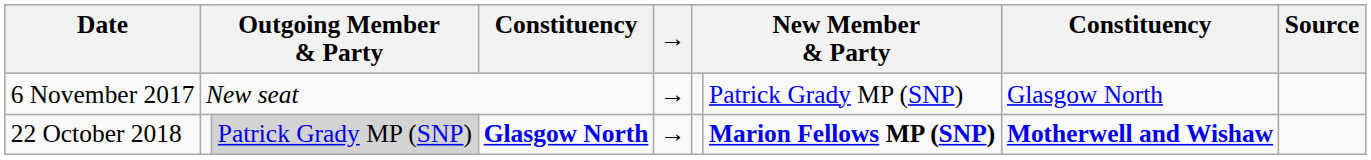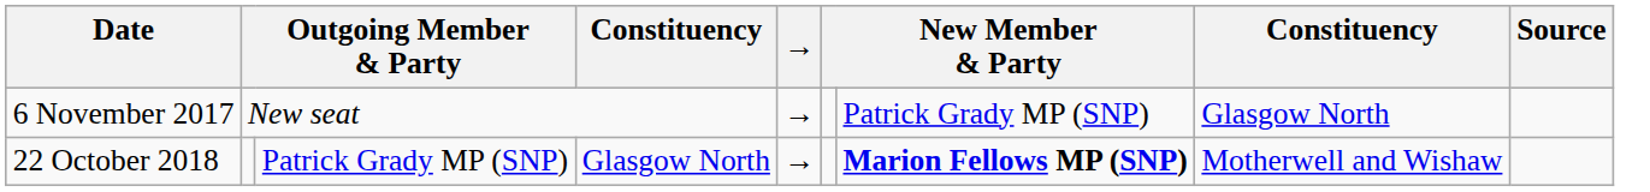 <table class="wikitable">
 <tr>
 <th valign="top">Date</th>
 <th colspan="2" valign="top">Outgoing Member<br>& Party</th>
 <th valign="top">Constituency</th>
 <th>→</th>
 <th colspan="2" valign="top">New Member<br>& Party</th>
 <th valign="top">Constituency</th>
 <th valign="top">Source</th>
 </tr>
 <tr>
 <td>6 November 2017</td>
 <td colspan=3><em>New seat</em></td>
 <td>→</td>
 <td style="color:inherit;background:"></td>
 <td><a href='#'>Patrick Grady</a> MP (<a href='#'>SNP</a>)</td>
 <td><a href='#'>Glasgow North</a></td>
 <td></td>
 </tr>
 <tr>
 <td>22 October 2018</td>
 <td style="color:inherit;background:"></td>
-<td style="background: lightgrey;"><a href='#'>Patrick Grady</a> MP (<a href='#'>SNP</a>)</td>
-<td><strong><a href='#'>Glasgow North</a></strong></td>
+<td><a href='#'>Patrick Grady</a> MP (<a href='#'>SNP</a>)</td>
+<td><a href='#'>Glasgow North</a></td>
 <td>→</td>
 <td style="color:inherit;background:"></td>
 <td><strong><a href='#'>Marion Fellows</a> MP (<a href='#'>SNP</a>)</strong></td>
-<td><strong><a href='#'>Motherwell and Wishaw</a></strong></td>
+<td><a href='#'>Motherwell and Wishaw</a></td>
 <td></td>
 </tr>
 </table>
